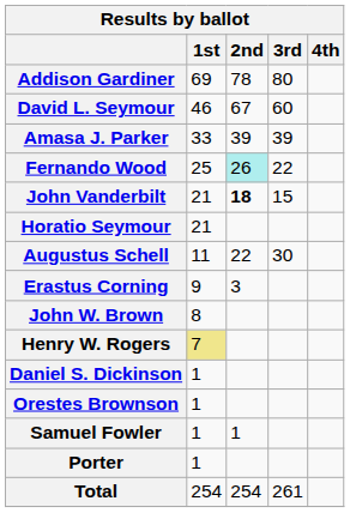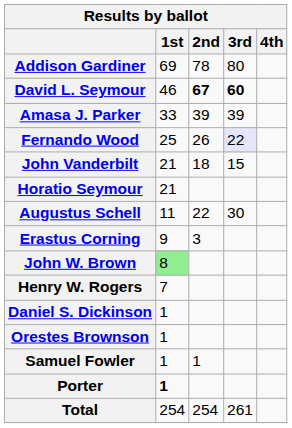 <table class="wikitable collapsible collapsed">
 <tr>
 <th style="text-align:center" colspan="5"><strong>Results by ballot</strong></th>
 </tr>
 <tr>
 <th></th>
 <th>1st</th>
 <th>2nd</th>
 <th>3rd</th>
 <th>4th</th>
 </tr>
 <tr>
 <th><a href='#'>Addison Gardiner</a></th>
 <td>69</td>
 <td>78</td>
 <td>80</td>
 <td></td>
 </tr>
 <tr>
 <th><a href='#'>David L. Seymour</a></th>
 <td>46</td>
-<td>67</td>
-<td>60</td>
+<td><strong>67</strong></td>
+<td><strong>60</strong></td>
 <td></td>
 </tr>
 <tr>
 <th><a href='#'>Amasa J. Parker</a></th>
 <td>33</td>
 <td>39</td>
 <td>39</td>
 <td></td>
 </tr>
 <tr>
 <th><a href='#'>Fernando Wood</a></th>
 <td>25</td>
-<td style="background: paleturquoise;">26</td>
-<td>22</td>
+<td>26</td>
+<td style="background: lavender;">22</td>
 <td></td>
 </tr>
 <tr>
 <th><a href='#'>John Vanderbilt</a></th>
 <td>21</td>
-<td><strong>18</strong></td>
+<td>18</td>
 <td>15</td>
 <td></td>
 </tr>
 <tr>
 <th><a href='#'>Horatio Seymour</a></th>
 <td>21</td>
 <td></td>
 <td></td>
 <td></td>
 </tr>
 <tr>
 <th><a href='#'>Augustus Schell</a></th>
 <td>11</td>
 <td>22</td>
 <td>30</td>
 <td></td>
 </tr>
 <tr>
 <th><a href='#'>Erastus Corning</a></th>
 <td>9</td>
 <td>3</td>
 <td></td>
 <td></td>
 </tr>
 <tr>
 <th><a href='#'>John W. Brown</a></th>
-<td>8</td>
+<td style="background: lightgreen;">8</td>
 <td></td>
 <td></td>
 <td></td>
 </tr>
 <tr>
 <th>Henry W. Rogers</th>
-<td style="background: khaki;">7</td>
+<td>7</td>
 <td></td>
 <td></td>
 <td></td>
 </tr>
 <tr>
 <th><a href='#'>Daniel S. Dickinson</a></th>
 <td>1</td>
 <td></td>
 <td></td>
 <td></td>
 </tr>
 <tr>
 <th><a href='#'>Orestes Brownson</a></th>
 <td>1</td>
 <td></td>
 <td></td>
 <td></td>
 </tr>
 <tr>
 <th>Samuel Fowler</th>
 <td>1</td>
 <td>1</td>
 <td></td>
 <td></td>
 </tr>
 <tr>
 <th>Porter</th>
-<td>1</td>
+<td><strong>1</strong></td>
 <td></td>
 <td></td>
 <td></td>
 </tr>
 <tr>
 <th>Total</th>
 <td>254</td>
 <td>254</td>
 <td>261</td>
 <td></td>
 </tr>
 <tr>
 </tr>
 </table>
